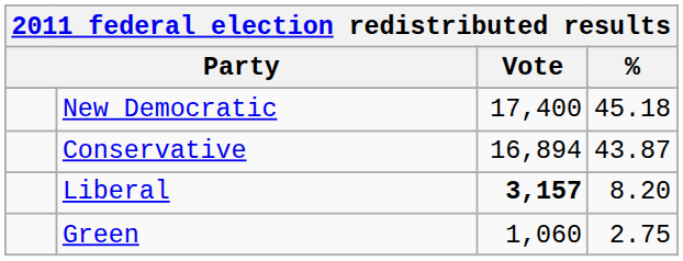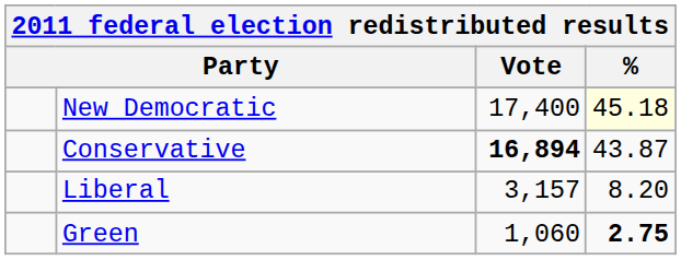 <table class="wikitable">
 <tr>
 <th colspan="4"><a href='#'>2011 federal election</a> redistributed results</th>
 </tr>
 <tr>
 <th bgcolor="#DDDDFF" width="130px" colspan="2">Party</th>
 <th bgcolor="#DDDDFF" width="50px">Vote</th>
 <th bgcolor="#DDDDFF" width="30px">%</th>
 </tr>
 <tr>
 <td> </td>
 <td><a href='#'>New Democratic</a></td>
 <td align=right>17,400</td>
-<td align=right>45.18</td>
+<td align=right style="background: lightyellow;">45.18</td>
 </tr>
 <tr>
 <td> </td>
 <td><a href='#'>Conservative</a></td>
-<td align=right>16,894</td>
+<td align=right><strong>16,894</strong></td>
 <td align=right>43.87</td>
 </tr>
 <tr>
 <td> </td>
 <td><a href='#'>Liberal</a></td>
-<td align=right><strong>3,157</strong></td>
+<td align=right>3,157</td>
 <td align=right>8.20</td>
 </tr>
 <tr>
 <td> </td>
 <td><a href='#'>Green</a></td>
 <td align=right>1,060</td>
-<td align=right>2.75</td>
+<td align=right><strong>2.75</strong></td>
 </tr>
 </table>
